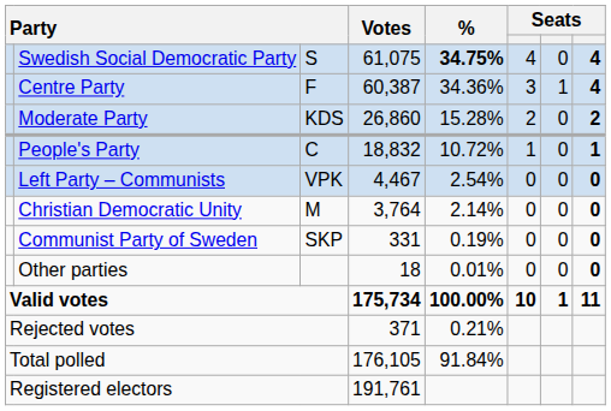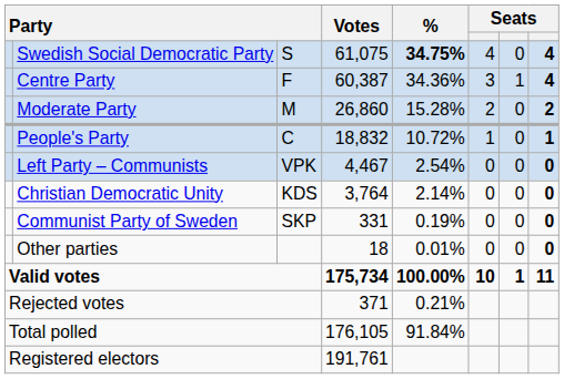 <table class="wikitable" border="1" style="text-align:right;">
 <tr>
 <th style="text-align:left;" valign=bottom rowspan=2 colspan=3>Party</th>
 <th align=center valign=bottom rowspan=2 width="50">Votes</th>
 <th align=center valign=bottom rowspan=2 width="50">%</th>
 <th colspan=3>Seats</th>
 </tr>
 <tr>
 <th align=center valign=bottom width="20"><small></small></th>
 <th align=center valign=bottom width="20"><small><a href='#'></a></small></th>
 <th align=center valign=bottom width="20"><small></small></th>
 </tr>
 <tr style="background:#CEE0F2;">
 <td></td>
 <td align=left style="white-space: nowrap;"><a href='#'>Swedish Social Democratic Party</a></td>
 <td align=left>S</td>
 <td>61,075</td>
 <td><strong>34.75%</strong></td>
 <td>4</td>
 <td>0</td>
 <td><strong>4</strong></td>
 </tr>
 <tr style="background:#CEE0F2;">
 <td></td>
 <td align=left><a href='#'>Centre Party</a></td>
 <td align=left>F</td>
 <td>60,387</td>
 <td>34.36%</td>
 <td>3</td>
 <td>1</td>
 <td><strong>4</strong></td>
 </tr>
 <tr style="background:#CEE0F2;">
 <td></td>
 <td align=left><a href='#'>Moderate Party</a></td>
-<td align=left>KDS</td>
+<td align=left>M</td>
 <td>26,860</td>
 <td>15.28%</td>
 <td>2</td>
 <td>0</td>
 <td><strong>2</strong></td>
 </tr>
 <tr style="background:#CEE0F2; border-top:3px solid darkgray;">
 <td></td>
 <td align=left><a href='#'>People's Party</a></td>
 <td align=left>C</td>
 <td>18,832</td>
 <td>10.72%</td>
 <td>1</td>
 <td>0</td>
 <td><strong>1</strong></td>
 </tr>
 <tr style="background:#CEE0F2;">
 <td></td>
 <td align=left><a href='#'>Left Party – Communists</a></td>
 <td align=left>VPK</td>
 <td>4,467</td>
 <td>2.54%</td>
 <td>0</td>
 <td>0</td>
 <td><strong>0</strong></td>
 </tr>
 <tr>
 <td></td>
 <td align=left><a href='#'>Christian Democratic Unity</a></td>
-<td align=left>M</td>
+<td align=left>KDS</td>
 <td>3,764</td>
 <td>2.14%</td>
 <td>0</td>
 <td>0</td>
 <td><strong>0</strong></td>
 </tr>
 <tr>
 <td></td>
 <td align=left><a href='#'>Communist Party of Sweden</a></td>
 <td align=left>SKP</td>
 <td>331</td>
 <td>0.19%</td>
 <td>0</td>
 <td>0</td>
 <td><strong>0</strong></td>
 </tr>
 <tr>
 <td></td>
 <td align=left>Other parties</td>
 <td></td>
 <td>18</td>
 <td>0.01%</td>
 <td>0</td>
 <td>0</td>
 <td><strong>0</strong></td>
 </tr>
 <tr style="font-weight:bold">
 <td align=left colspan=3>Valid votes</td>
 <td>175,734</td>
 <td>100.00%</td>
 <td>10</td>
 <td>1</td>
 <td>11</td>
 </tr>
 <tr>
 <td align=left colspan=3>Rejected votes</td>
 <td>371</td>
 <td>0.21%</td>
 <td></td>
 <td></td>
 <td></td>
 </tr>
 <tr>
 <td align=left colspan=3>Total polled</td>
 <td>176,105</td>
 <td>91.84%</td>
 <td></td>
 <td></td>
 <td></td>
 </tr>
 <tr>
 <td align=left colspan=3>Registered electors</td>
 <td>191,761</td>
 <td></td>
 <td></td>
 <td></td>
 <td></td>
 </tr>
 </table>
